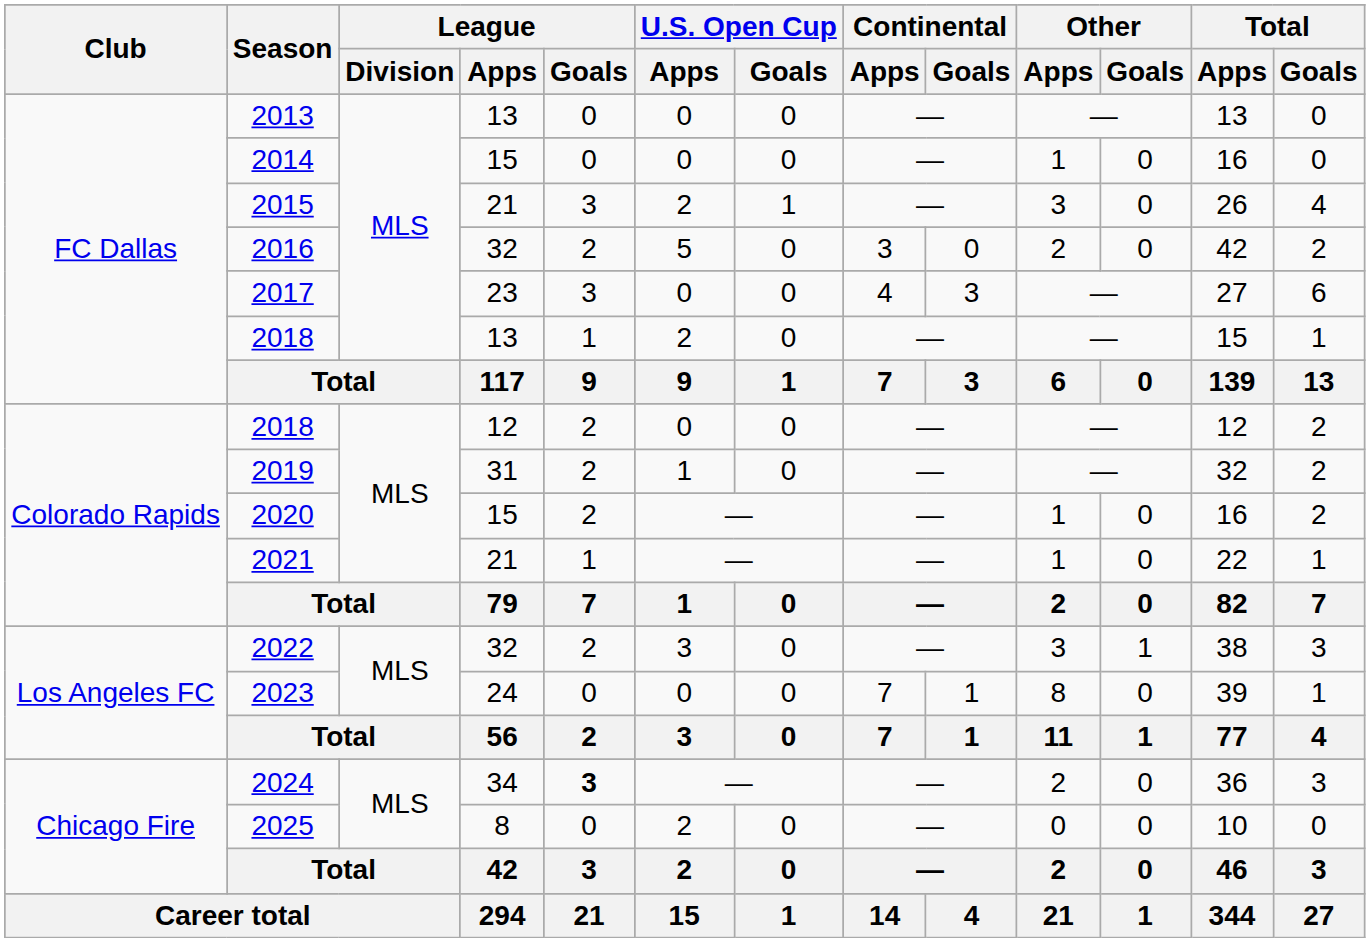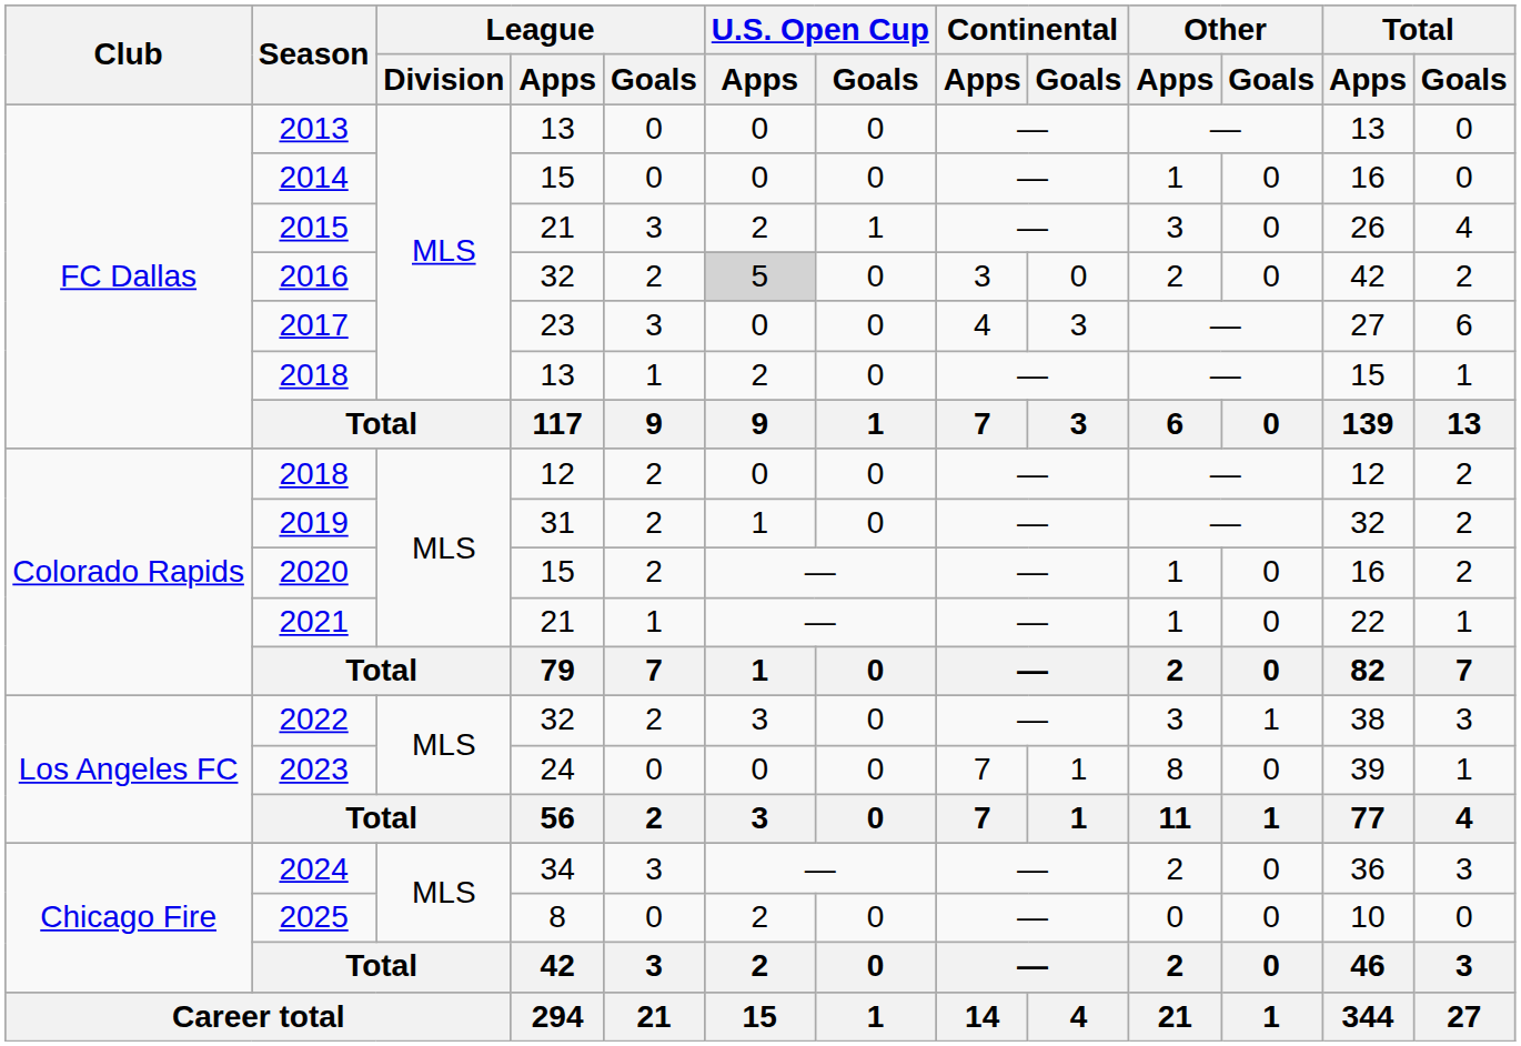 <table class="wikitable" style="text-align:center">
 <tr>
 <th rowspan="2">Club</th>
 <th rowspan="2">Season</th>
 <th colspan="3">League</th>
 <th colspan="2"><a href='#'>U.S. Open Cup</a></th>
 <th colspan="2">Continental</th>
 <th colspan="2">Other</th>
 <th colspan="2">Total</th>
 </tr>
 <tr>
 <th>Division</th>
 <th>Apps</th>
 <th>Goals</th>
 <th>Apps</th>
 <th>Goals</th>
 <th>Apps</th>
 <th>Goals</th>
 <th>Apps</th>
 <th>Goals</th>
 <th>Apps</th>
 <th>Goals</th>
 </tr>
 <tr>
 <td rowspan="7"><a href='#'>FC Dallas</a></td>
 <td><a href='#'>2013</a></td>
 <td rowspan="6"><a href='#'>MLS</a></td>
 <td>13</td>
 <td>0</td>
 <td>0</td>
 <td>0</td>
 <td colspan="2">—</td>
 <td colspan="2">—</td>
 <td>13</td>
 <td>0</td>
 </tr>
 <tr>
 <td><a href='#'>2014</a></td>
 <td>15</td>
 <td>0</td>
 <td>0</td>
 <td>0</td>
 <td colspan="2">—</td>
 <td>1</td>
 <td>0</td>
 <td>16</td>
 <td>0</td>
 </tr>
 <tr>
 <td><a href='#'>2015</a></td>
 <td>21</td>
 <td>3</td>
 <td>2</td>
 <td>1</td>
 <td colspan="2">—</td>
 <td>3</td>
 <td>0</td>
 <td>26</td>
 <td>4</td>
 </tr>
 <tr>
 <td><a href='#'>2016</a></td>
 <td>32</td>
 <td>2</td>
-<td>5</td>
+<td style="background: lightgrey;">5</td>
 <td>0</td>
 <td>3</td>
 <td>0</td>
 <td>2</td>
 <td>0</td>
 <td>42</td>
 <td>2</td>
 </tr>
 <tr>
 <td><a href='#'>2017</a></td>
 <td>23</td>
 <td>3</td>
 <td>0</td>
 <td>0</td>
 <td>4</td>
 <td>3</td>
 <td colspan="2">—</td>
 <td>27</td>
 <td>6</td>
 </tr>
 <tr>
 <td><a href='#'>2018</a></td>
 <td>13</td>
 <td>1</td>
 <td>2</td>
 <td>0</td>
 <td colspan="2">—</td>
 <td colspan="2">—</td>
 <td>15</td>
 <td>1</td>
 </tr>
 <tr>
 <th colspan="2">Total</th>
 <th>117</th>
 <th>9</th>
 <th>9</th>
 <th>1</th>
 <th>7</th>
 <th>3</th>
 <th>6</th>
 <th>0</th>
 <th>139</th>
 <th>13</th>
 </tr>
 <tr>
 <td rowspan="5"><a href='#'>Colorado Rapids</a></td>
 <td><a href='#'>2018</a></td>
 <td rowspan="4">MLS</td>
 <td>12</td>
 <td>2</td>
 <td>0</td>
 <td>0</td>
 <td colspan="2">—</td>
 <td colspan="2">—</td>
 <td>12</td>
 <td>2</td>
 </tr>
 <tr>
 <td><a href='#'>2019</a></td>
 <td>31</td>
 <td>2</td>
 <td>1</td>
 <td>0</td>
 <td colspan="2">—</td>
 <td colspan="2">—</td>
 <td>32</td>
 <td>2</td>
 </tr>
 <tr>
 <td><a href='#'>2020</a></td>
 <td>15</td>
 <td>2</td>
 <td colspan="2">—</td>
 <td colspan="2">—</td>
 <td>1</td>
 <td>0</td>
 <td>16</td>
 <td>2</td>
 </tr>
 <tr>
 <td><a href='#'>2021</a></td>
 <td>21</td>
 <td>1</td>
 <td colspan="2">—</td>
 <td colspan="2">—</td>
 <td>1</td>
 <td>0</td>
 <td>22</td>
 <td>1</td>
 </tr>
 <tr>
 <th colspan="2">Total</th>
 <th>79</th>
 <th>7</th>
 <th>1</th>
 <th>0</th>
 <th colspan="2">—</th>
 <th>2</th>
 <th>0</th>
 <th>82</th>
 <th>7</th>
 </tr>
 <tr>
 <td rowspan="3"><a href='#'>Los Angeles FC</a></td>
 <td><a href='#'>2022</a></td>
 <td rowspan="2">MLS</td>
 <td>32</td>
 <td>2</td>
 <td>3</td>
 <td>0</td>
 <td colspan="2">—</td>
 <td>3</td>
 <td>1</td>
 <td>38</td>
 <td>3</td>
 </tr>
 <tr>
 <td><a href='#'>2023</a></td>
 <td>24</td>
 <td>0</td>
 <td>0</td>
 <td>0</td>
 <td>7</td>
 <td>1</td>
 <td>8</td>
 <td>0</td>
 <td>39</td>
 <td>1</td>
 </tr>
 <tr>
 <th colspan="2">Total</th>
 <th>56</th>
 <th>2</th>
 <th>3</th>
 <th>0</th>
 <th>7</th>
 <th>1</th>
 <th>11</th>
 <th>1</th>
 <th>77</th>
 <th>4</th>
 </tr>
 <tr>
 <td rowspan="3"><a href='#'>Chicago Fire</a></td>
 <td><a href='#'>2024</a></td>
 <td rowspan="2">MLS</td>
 <td>34</td>
-<td><strong>3</strong></td>
+<td>3</td>
 <td colspan="2">—</td>
 <td colspan="2">—</td>
 <td>2</td>
 <td>0</td>
 <td>36</td>
 <td>3</td>
 </tr>
 <tr>
 <td><a href='#'>2025</a></td>
 <td>8</td>
 <td>0</td>
 <td>2</td>
 <td>0</td>
 <td colspan="2">—</td>
 <td>0</td>
 <td>0</td>
 <td>10</td>
 <td>0</td>
 </tr>
 <tr>
 <th colspan="2">Total</th>
 <th>42</th>
 <th>3</th>
 <th>2</th>
 <th>0</th>
 <th colspan="2">—</th>
 <th>2</th>
 <th>0</th>
 <th>46</th>
 <th>3</th>
 </tr>
 <tr>
 <th colspan="3">Career total</th>
 <th>294</th>
 <th>21</th>
 <th>15</th>
 <th>1</th>
 <th>14</th>
 <th>4</th>
 <th>21</th>
 <th>1</th>
 <th>344</th>
 <th>27</th>
 </tr>
 </table>
